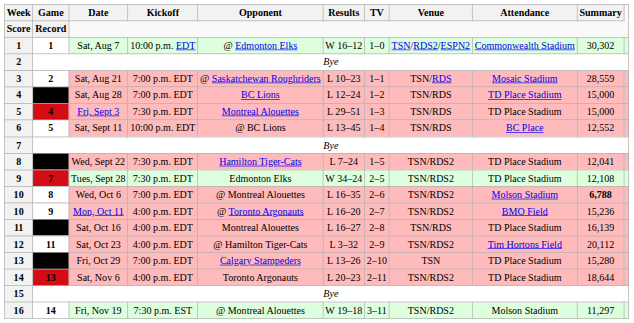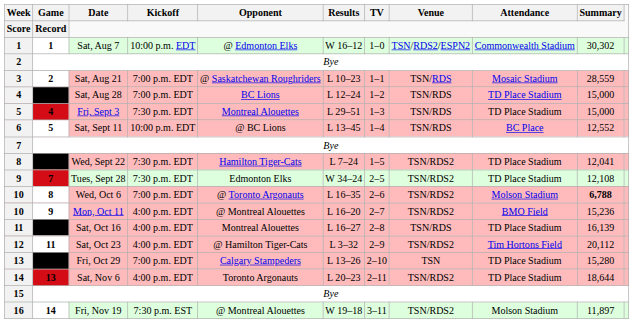 <table class="wikitable" style="font-size: 95%;">
 <tr>
 <th scope="col">Week</th>
 <th scope="col">Game</th>
 <th scope="col">Date</th>
 <th scope="col">Kickoff</th>
 <th scope="col">Opponent</th>
 <th scope="col">Results</th>
 <th scope="col">TV</th>
 <th scope="col">Venue</th>
 <th scope="col">Attendance</th>
 <th scope="col">Summary</th>
 </tr>
 <tr>
 <th scope="col">Score</th>
 <th scope="col">Record</th>
 </tr>
 <tr align="center" bgcolor="#ddffdd">
 <th align="center">1</th>
 <th style="text-align:center; background:white;"><span>1</span></th>
 <td align="center">Sat, Aug 7</td>
 <td align="center">10:00 p.m. <a href='#'>EDT</a></td>
 <td align="center">@ <a href='#'>Edmonton Elks</a></td>
 <td align="center">W 16–12</td>
 <td align="center">1–0</td>
 <td align="center"><a href='#'>TSN</a>/<a href='#'>RDS2</a>/<a href='#'>ESPN2</a></td>
 <td align="center"><a href='#'>Commonwealth Stadium</a></td>
 <td align="center">30,302</td>
 <td align="center"></td>
 </tr>
 <tr align="center" bgcolor="#ffffff">
 <th align="center">2</th>
 <td colspan=10 align="center" valign="middle"><em>Bye</em></td>
 </tr>
 <tr align="center" bgcolor="#ffbbbb">
 <th align="center">3</th>
 <th style="text-align:center; background:white;"><span>2</span></th>
 <td align="center">Sat, Aug 21</td>
 <td align="center">7:00 p.m. EDT</td>
 <td align="center">@ <a href='#'>Saskatchewan Roughriders</a></td>
 <td align="center">L 10–23</td>
 <td align="center">1–1</td>
 <td align="center">TSN/<a href='#'>RDS</a></td>
 <td align="center"><a href='#'>Mosaic Stadium</a></td>
 <td align="center">28,559</td>
 <td align="center"></td>
 </tr>
 <tr align="center" bgcolor="#ffbbbb">
 <th align="center">4</th>
 <th style="text-align:center; background:black;"><span>3</span></th>
 <td align="center">Sat, Aug 28</td>
 <td align="center">7:00 p.m. EDT</td>
 <td align="center"><a href='#'>BC Lions</a></td>
 <td align="center">L 12–24</td>
 <td align="center">1–2</td>
 <td align="center">TSN/RDS</td>
 <td align="center"><a href='#'>TD Place Stadium</a></td>
 <td align="center">15,000</td>
 <td align="center"></td>
 </tr>
 <tr align="center" bgcolor="#ffbbbb">
 <th align="center">5</th>
 <th style="text-align:center; background:#D30C15;"><span>4</span></th>
 <td align="center"><a href='#'>Fri, Sept 3</a></td>
 <td align="center">7:30 p.m. EDT</td>
 <td align="center"><a href='#'>Montreal Alouettes</a></td>
 <td align="center">L 29–51</td>
 <td align="center">1–3</td>
 <td align="center">TSN/RDS</td>
 <td align="center">TD Place Stadium</td>
 <td align="center">15,000</td>
 <td align="center"></td>
 </tr>
 <tr align="center" bgcolor="#ffbbbb">
 <th align="center">6</th>
 <th style="text-align:center; background:white;"><span>5</span></th>
 <td align="center">Sat, Sept 11</td>
 <td align="center">10:00 p.m. EDT</td>
 <td align="center">@ BC Lions</td>
 <td align="center">L 13–45</td>
 <td align="center">1–4</td>
 <td align="center">TSN/RDS</td>
 <td align="center"><a href='#'>BC Place</a></td>
 <td align="center">12,552</td>
 <td align="center"></td>
 </tr>
 <tr align="center" bgcolor="#ffffff">
 <th align="center">7</th>
 <td colspan=10 align="center" valign="middle"><em>Bye</em></td>
 </tr>
 <tr align="center" bgcolor="#ffbbbb">
 <th align="center">8</th>
 <th style="text-align:center; background:black;"><span>6</span></th>
 <td align="center">Wed, Sept 22</td>
 <td align="center">7:30 p.m. EDT</td>
 <td align="center"><a href='#'>Hamilton Tiger-Cats</a></td>
 <td align="center">L 7–24</td>
 <td align="center">1–5</td>
 <td align="center">TSN/RDS2</td>
 <td align="center">TD Place Stadium</td>
 <td align="center">12,041</td>
 <td align="center"></td>
 </tr>
 <tr align="center" bgcolor="#ddffdd">
 <th align="center">9</th>
 <th style="text-align:center; background:#D30C15;"><span>7</span></th>
 <td align="center">Tues, Sept 28</td>
 <td align="center">7:30 p.m. EDT</td>
 <td align="center">Edmonton Elks</td>
 <td align="center">W 34–24</td>
 <td align="center">2–5</td>
 <td align="center">TSN/RDS2</td>
 <td align="center">TD Place Stadium</td>
 <td align="center">12,108</td>
 <td align="center"></td>
 </tr>
 <tr align="center" bgcolor="#ffbbbb">
 <th align="center">10</th>
 <th style="text-align:center; background:white;"><span>8</span></th>
 <td align="center">Wed, Oct 6</td>
 <td align="center">7:00 p.m. EDT</td>
-<td align="center">@ Montreal Alouettes</td>
+<td align="center">@ <a href='#'>Toronto Argonauts</a></td>
 <td align="center">L 16–35</td>
 <td align="center">2–6</td>
 <td align="center">TSN/RDS2</td>
 <td align="center"><a href='#'>Molson Stadium</a></td>
 <td align="center"><strong>6,788</strong></td>
 <td align="center"></td>
 </tr>
 <tr align="center" bgcolor="#ffbbbb">
 <th align="center">10</th>
 <th style="text-align:center; background:white;"><span>9</span></th>
 <td align="center"><a href='#'>Mon, Oct 11</a></td>
 <td align="center">4:00 p.m. EDT</td>
-<td align="center">@ <a href='#'>Toronto Argonauts</a></td>
+<td align="center">@ Montreal Alouettes</td>
 <td align="center">L 16–20</td>
 <td align="center">2–7</td>
 <td align="center">TSN/RDS2</td>
 <td align="center"><a href='#'>BMO Field</a></td>
 <td align="center">15,236</td>
 <td align="center"></td>
 </tr>
 <tr align="center" bgcolor="#ffbbbb">
 <th align="center">11</th>
 <th style="text-align:center; background:black;"><span>10</span></th>
 <td align="center">Sat, Oct 16</td>
 <td align="center">4:00 p.m. EDT</td>
 <td align="center">Montreal Alouettes</td>
 <td align="center">L 16–27</td>
 <td align="center">2–8</td>
 <td align="center">TSN/RDS</td>
 <td align="center">TD Place Stadium</td>
 <td align="center">16,139</td>
 <td align="center"></td>
 </tr>
 <tr align="center" bgcolor="#ffbbbb">
 <th align="center">12</th>
 <th style="text-align:center; background:white;"><span>11</span></th>
 <td align="center">Sat, Oct 23</td>
 <td align="center">4:00 p.m. EDT</td>
 <td align="center">@ Hamilton Tiger-Cats</td>
 <td align="center">L 3–32</td>
 <td align="center">2–9</td>
 <td align="center">TSN/RDS2</td>
 <td align="center"><a href='#'>Tim Hortons Field</a></td>
 <td align="center">20,112</td>
 <td align="center"></td>
 </tr>
 <tr align="center" bgcolor="#ffbbbb">
 <th align="center">13</th>
 <th style="text-align:center; background:black;"><span>12</span></th>
 <td align="center">Fri, Oct 29</td>
 <td align="center">7:00 p.m. EDT</td>
 <td align="center"><a href='#'>Calgary Stampeders</a></td>
 <td align="center">L 13–26</td>
 <td align="center">2–10</td>
 <td align="center">TSN</td>
 <td align="center">TD Place Stadium</td>
 <td align="center">15,280</td>
 <td align="center"></td>
 </tr>
 <tr align="center" bgcolor="#ffbbbb">
 <th align="center">14</th>
 <th style="text-align:center; background:#D30C15;"><span>13</span></th>
 <td align="center">Sat, Nov 6</td>
 <td align="center">4:00 p.m. EDT</td>
 <td align="center">Toronto Argonauts</td>
 <td align="center">L 20–23</td>
 <td align="center">2–11</td>
 <td align="center">TSN/RDS2</td>
 <td align="center">TD Place Stadium</td>
 <td align="center">18,644</td>
 <td align="center"></td>
 </tr>
 <tr align="center" bgcolor="#ffffff">
 <th align="center">15</th>
 <td colspan=10 align="center" valign="middle"><em>Bye</em></td>
 </tr>
 <tr align="center" bgcolor="#ddffdd">
 <th align="center">16</th>
 <th style="text-align:center; background:white;"><span>14</span></th>
 <td align="center">Fri, Nov 19</td>
 <td align="center">7:30 p.m. EST</td>
 <td align="center">@ Montreal Alouettes</td>
 <td align="center">W 19–18</td>
 <td align="center">3–11</td>
 <td align="center">TSN/RDS2</td>
 <td align="center">Molson Stadium</td>
-<td align="center">11,297</td>
+<td align="center">11,897</td>
 <td align="center"></td>
 </tr>
 </table>
